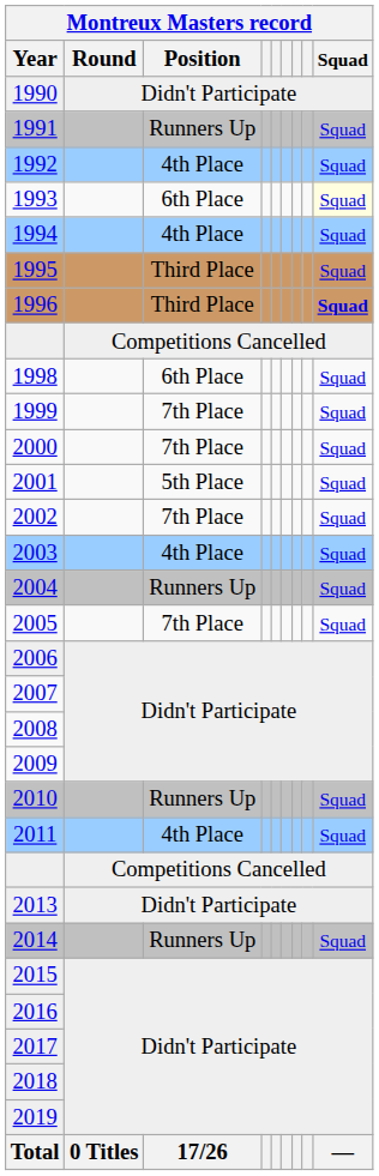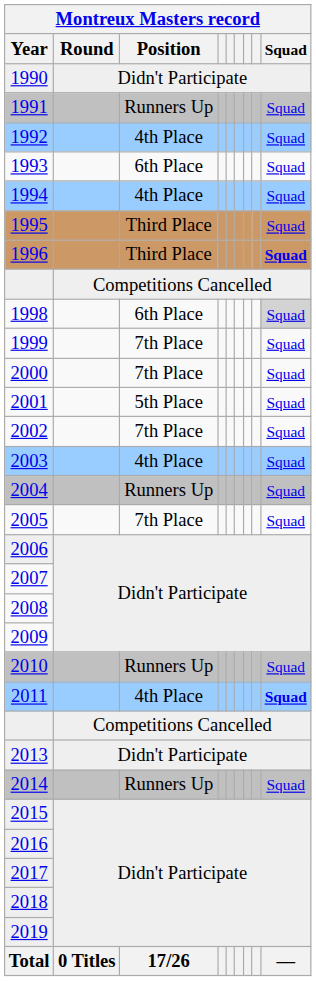 <table class="wikitable" style="text-align: center;">
 <tr>
 <th colspan=9><a href='#'>Montreux Masters record</a></th>
 </tr>
 <tr>
 <th>Year</th>
 <th>Round</th>
 <th>Position</th>
 <th></th>
 <th></th>
 <th></th>
 <th></th>
 <th></th>
 <th><small>Squad</small></th>
 </tr>
 <tr bgcolor="efefef">
 <td> <a href='#'>1990</a></td>
 <td colspan=8>Didn't Participate</td>
 </tr>
 <tr bgcolor=silver>
 <td> <a href='#'>1991</a></td>
 <td></td>
 <td>Runners Up</td>
 <td></td>
 <td></td>
 <td></td>
 <td></td>
 <td></td>
 <td><small><a href='#'>Squad</a></small></td>
 </tr>
 <tr bgcolor=9acdff>
 <td> <a href='#'>1992</a></td>
 <td></td>
 <td>4th Place</td>
 <td></td>
 <td></td>
 <td></td>
 <td></td>
 <td></td>
 <td><small><a href='#'>Squad</a></small></td>
 </tr>
 <tr>
 <td> <a href='#'>1993</a></td>
 <td></td>
 <td>6th Place</td>
 <td></td>
 <td></td>
 <td></td>
 <td></td>
 <td></td>
-<td style="background: lightyellow;"><small><a href='#'>Squad</a></small></td>
+<td><small><a href='#'>Squad</a></small></td>
 </tr>
 <tr bgcolor=9acdff>
 <td> <a href='#'>1994</a></td>
 <td></td>
 <td>4th Place</td>
 <td></td>
 <td></td>
 <td></td>
 <td></td>
 <td></td>
 <td><small><a href='#'>Squad</a></small></td>
 </tr>
 <tr bgcolor=cc9966>
 <td> <a href='#'>1995</a></td>
 <td></td>
 <td>Third Place</td>
 <td></td>
 <td></td>
 <td></td>
 <td></td>
 <td></td>
 <td><small><a href='#'>Squad</a></small></td>
 </tr>
 <tr bgcolor=cc9966>
 <td> <a href='#'>1996</a></td>
 <td></td>
 <td>Third Place</td>
 <td></td>
 <td></td>
 <td></td>
 <td></td>
 <td></td>
 <td><strong><small><a href='#'>Squad</a></small></strong></td>
 </tr>
 <tr bgcolor="efefef">
 <td> </td>
 <td colspan=8>Competitions Cancelled</td>
 </tr>
 <tr>
 <td> <a href='#'>1998</a></td>
 <td></td>
 <td>6th Place</td>
 <td></td>
 <td></td>
 <td></td>
 <td></td>
 <td></td>
-<td><small><a href='#'>Squad</a></small></td>
+<td style="background: lightgrey;"><small><a href='#'>Squad</a></small></td>
 </tr>
 <tr>
 <td> <a href='#'>1999</a></td>
 <td></td>
 <td>7th Place</td>
 <td></td>
 <td></td>
 <td></td>
 <td></td>
 <td></td>
 <td><small><a href='#'>Squad</a></small></td>
 </tr>
 <tr bgcolor=>
 <td> <a href='#'>2000</a></td>
 <td></td>
 <td>7th Place</td>
 <td></td>
 <td></td>
 <td></td>
 <td></td>
 <td></td>
 <td><small><a href='#'>Squad</a></small></td>
 </tr>
 <tr>
 <td> <a href='#'>2001</a></td>
 <td></td>
 <td>5th Place</td>
 <td></td>
 <td></td>
 <td></td>
 <td></td>
 <td></td>
 <td><small><a href='#'>Squad</a></small></td>
 </tr>
 <tr>
 <td> <a href='#'>2002</a></td>
 <td></td>
 <td>7th Place</td>
 <td></td>
 <td></td>
 <td></td>
 <td></td>
 <td></td>
 <td><small><a href='#'>Squad</a></small></td>
 </tr>
 <tr bgcolor=9acdff>
 <td> <a href='#'>2003</a></td>
 <td></td>
 <td>4th Place</td>
 <td></td>
 <td></td>
 <td></td>
 <td></td>
 <td></td>
 <td><small><a href='#'>Squad</a></small></td>
 </tr>
 <tr bgcolor=silver>
 <td> <a href='#'>2004</a></td>
 <td></td>
 <td>Runners Up</td>
 <td></td>
 <td></td>
 <td></td>
 <td></td>
 <td></td>
 <td><small><a href='#'>Squad</a></small></td>
 </tr>
 <tr>
 <td> <a href='#'>2005</a></td>
 <td></td>
 <td>7th Place</td>
 <td></td>
 <td></td>
 <td></td>
 <td></td>
 <td></td>
 <td><small><a href='#'>Squad</a></small></td>
 </tr>
 <tr bgcolor="efefef">
 <td> <a href='#'>2006</a></td>
 <td rowspan=4 colspan=8>Didn't Participate</td>
 </tr>
 <tr>
 <td> <a href='#'>2007</a></td>
 </tr>
 <tr>
 <td> <a href='#'>2008</a></td>
 </tr>
 <tr>
 <td> <a href='#'>2009</a></td>
 </tr>
 <tr bgcolor=silver>
 <td> <a href='#'>2010</a></td>
 <td></td>
 <td>Runners Up</td>
 <td></td>
 <td></td>
 <td></td>
 <td></td>
 <td></td>
 <td><small><a href='#'>Squad</a></small></td>
 </tr>
 <tr bgcolor=9acdff>
 <td> <a href='#'>2011</a></td>
 <td></td>
 <td>4th Place</td>
 <td></td>
 <td></td>
 <td></td>
 <td></td>
 <td></td>
-<td><small><a href='#'>Squad</a></small></td>
+<td><strong><small><a href='#'>Squad</a></small></strong></td>
 </tr>
 <tr bgcolor="efefef">
 <td> </td>
 <td colspan=8>Competitions Cancelled</td>
 </tr>
 <tr bgcolor="efefef">
 <td> <a href='#'>2013</a></td>
 <td colspan=8>Didn't Participate</td>
 </tr>
 <tr bgcolor=silver>
 <td> <a href='#'>2014</a></td>
 <td></td>
 <td>Runners Up</td>
 <td></td>
 <td></td>
 <td></td>
 <td></td>
 <td></td>
 <td><small><a href='#'>Squad</a></small></td>
 </tr>
 <tr bgcolor="efefef">
 <td> <a href='#'>2015</a></td>
 <td colspan=8 rowspan=5>Didn't Participate</td>
 </tr>
 <tr bgcolor="efefef">
 <td> <a href='#'>2016</a></td>
 </tr>
 <tr bgcolor="efefef">
 <td> <a href='#'>2017</a></td>
 </tr>
 <tr bgcolor="efefef">
 <td> <a href='#'>2018</a></td>
 </tr>
 <tr bgcolor="efefef">
 <td> <a href='#'>2019</a></td>
 </tr>
 <tr>
 <th>Total</th>
 <th>0 Titles</th>
 <th>17/26</th>
 <th></th>
 <th></th>
 <th></th>
 <th></th>
 <th></th>
 <th>—</th>
 </tr>
 </table>
